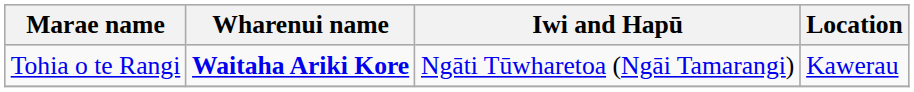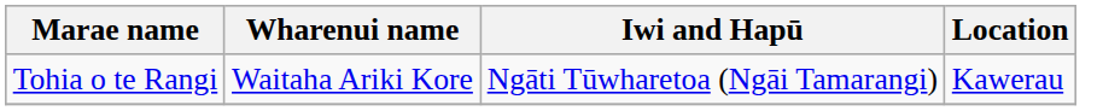 <table class="wikitable sortable">
 <tr>
 <th>Marae name</th>
 <th>Wharenui name</th>
 <th>Iwi and Hapū</th>
 <th>Location</th>
 </tr>
 <tr>
 <td><a href='#'>Tohia o te Rangi</a></td>
-<td><strong><a href='#'>Waitaha Ariki Kore</a></strong></td>
+<td><a href='#'>Waitaha Ariki Kore</a></td>
 <td><a href='#'>Ngāti Tūwharetoa</a> (<a href='#'>Ngāi Tamarangi</a>)</td>
 <td><a href='#'>Kawerau</a></td>
 </tr>
 <tr>
 </tr>
 </table>
